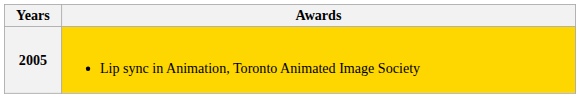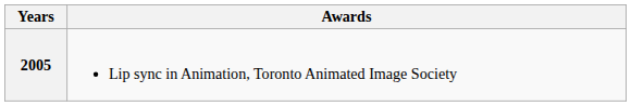 <table class="wikitable" width="650px">
 <tr>
 <th align="left">Years</th>
 <th align="left">Awards</th>
 </tr>
 <tr>
 <th align="center">2005</th>
-<td align="left" style="background: gold;"><br><ul><li>Lip sync in Animation, Toronto Animated Image Society </li></ul></td>
+<td align="left"><br><ul><li>Lip sync in Animation, Toronto Animated Image Society </li></ul></td>
 </tr>
 </table>
